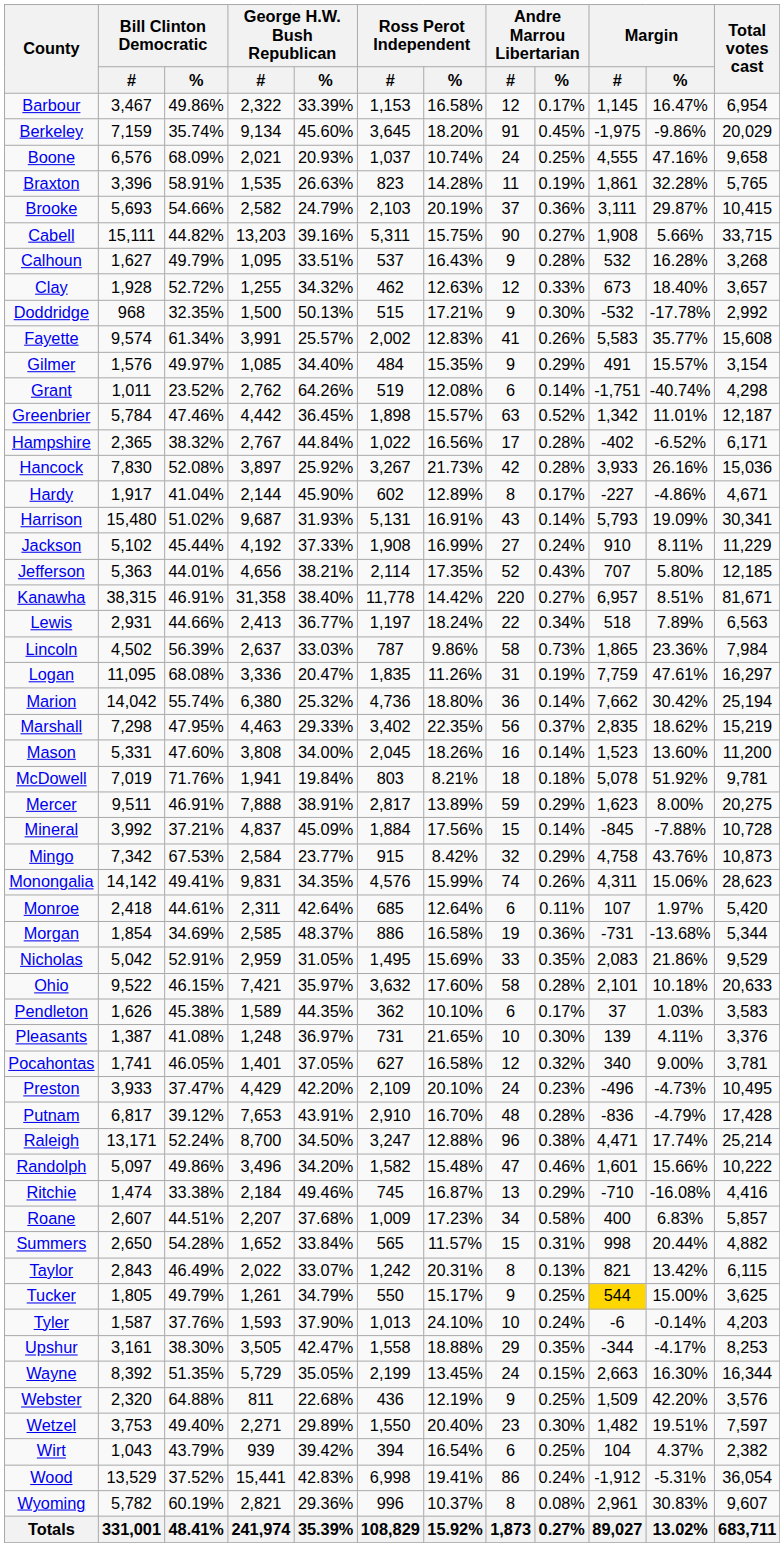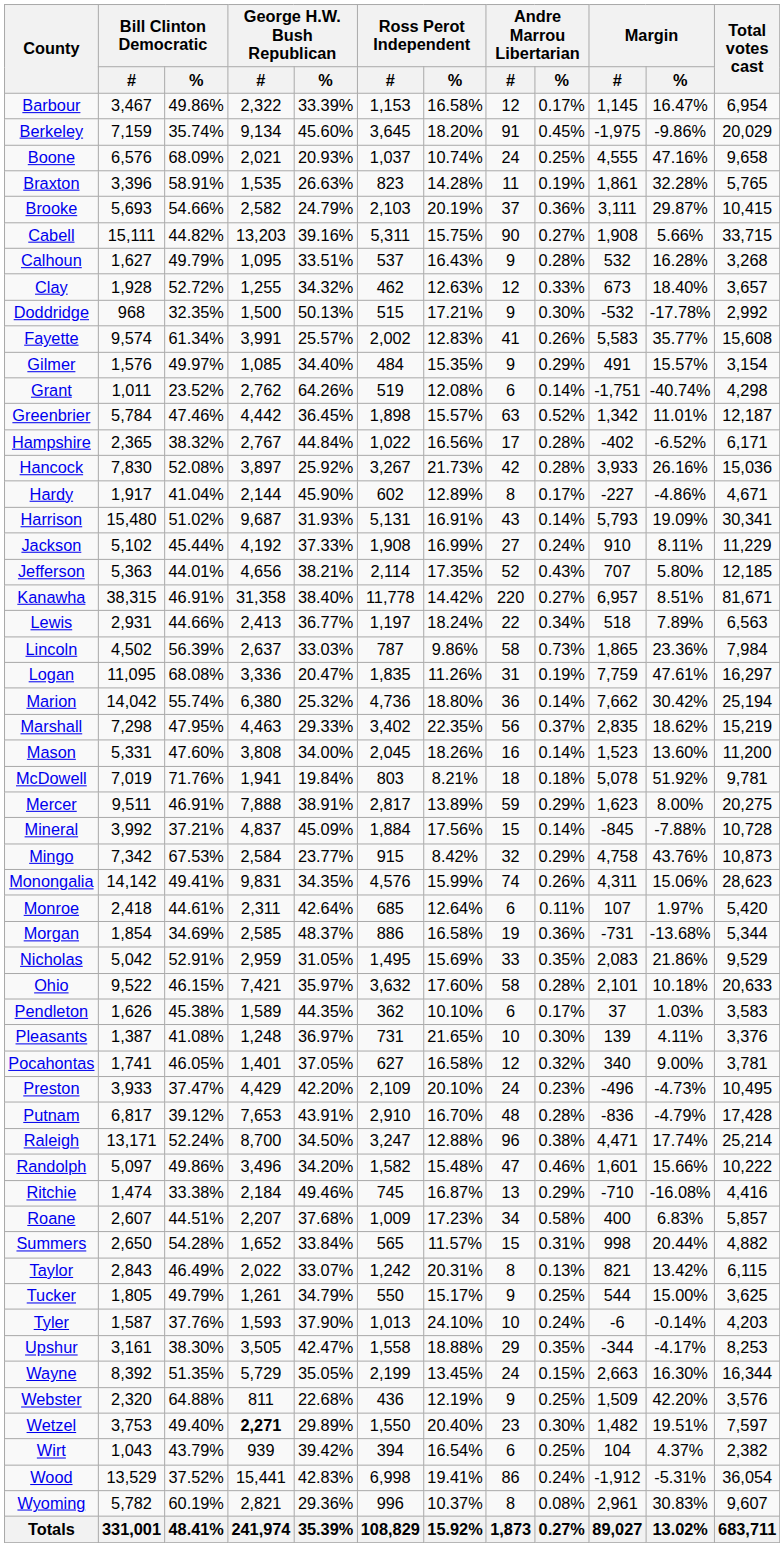 <table width="60%"  class="wikitable sortable" style="text-align:center">
 <tr>
 <th style="text-align:center;" rowspan="2">County</th>
 <th style="text-align:center;" colspan="2">Bill Clinton<br>Democratic</th>
 <th style="text-align:center;" colspan="2">George H.W. Bush<br>Republican</th>
 <th style="text-align:center;" colspan="2">Ross Perot<br>Independent</th>
 <th style="text-align:center;" colspan="2">Andre Marrou<br>Libertarian</th>
 <th style="text-align:center;" colspan="2">Margin</th>
 <th style="text-align:center;" rowspan="2">Total votes cast</th>
 </tr>
 <tr style="text-align:center">
 <th data-sort-type="number">#</th>
 <th data-sort-type="number">%</th>
 <th data-sort-type="number">#</th>
 <th data-sort-type="number">%</th>
 <th data-sort-type="number">#</th>
 <th data-sort-type="number">%</th>
 <th data-sort-type="number">#</th>
 <th data-sort-type="number">%</th>
 <th data-sort-type="number">#</th>
 <th data-sort-type="number">%</th>
 </tr>
 <tr style="text-align:center">
 <td><a href='#'>Barbour</a></td>
 <td>3,467</td>
 <td>49.86%</td>
 <td>2,322</td>
 <td>33.39%</td>
 <td>1,153</td>
 <td>16.58%</td>
 <td>12</td>
 <td>0.17%</td>
 <td>1,145</td>
 <td>16.47%</td>
 <td>6,954</td>
 </tr>
 <tr style="text-align:center">
 <td><a href='#'>Berkeley</a></td>
 <td>7,159</td>
 <td>35.74%</td>
 <td>9,134</td>
 <td>45.60%</td>
 <td>3,645</td>
 <td>18.20%</td>
 <td>91</td>
 <td>0.45%</td>
 <td>-1,975</td>
 <td>-9.86%</td>
 <td>20,029</td>
 </tr>
 <tr style="text-align:center">
 <td><a href='#'>Boone</a></td>
 <td>6,576</td>
 <td>68.09%</td>
 <td>2,021</td>
 <td>20.93%</td>
 <td>1,037</td>
 <td>10.74%</td>
 <td>24</td>
 <td>0.25%</td>
 <td>4,555</td>
 <td>47.16%</td>
 <td>9,658</td>
 </tr>
 <tr style="text-align:center">
 <td><a href='#'>Braxton</a></td>
 <td>3,396</td>
 <td>58.91%</td>
 <td>1,535</td>
 <td>26.63%</td>
 <td>823</td>
 <td>14.28%</td>
 <td>11</td>
 <td>0.19%</td>
 <td>1,861</td>
 <td>32.28%</td>
 <td>5,765</td>
 </tr>
 <tr style="text-align:center">
 <td><a href='#'>Brooke</a></td>
 <td>5,693</td>
 <td>54.66%</td>
 <td>2,582</td>
 <td>24.79%</td>
 <td>2,103</td>
 <td>20.19%</td>
 <td>37</td>
 <td>0.36%</td>
 <td>3,111</td>
 <td>29.87%</td>
 <td>10,415</td>
 </tr>
 <tr style="text-align:center">
 <td><a href='#'>Cabell</a></td>
 <td>15,111</td>
 <td>44.82%</td>
 <td>13,203</td>
 <td>39.16%</td>
 <td>5,311</td>
 <td>15.75%</td>
 <td>90</td>
 <td>0.27%</td>
 <td>1,908</td>
 <td>5.66%</td>
 <td>33,715</td>
 </tr>
 <tr style="text-align:center">
 <td><a href='#'>Calhoun</a></td>
 <td>1,627</td>
 <td>49.79%</td>
 <td>1,095</td>
 <td>33.51%</td>
 <td>537</td>
 <td>16.43%</td>
 <td>9</td>
 <td>0.28%</td>
 <td>532</td>
 <td>16.28%</td>
 <td>3,268</td>
 </tr>
 <tr style="text-align:center">
 <td><a href='#'>Clay</a></td>
 <td>1,928</td>
 <td>52.72%</td>
 <td>1,255</td>
 <td>34.32%</td>
 <td>462</td>
 <td>12.63%</td>
 <td>12</td>
 <td>0.33%</td>
 <td>673</td>
 <td>18.40%</td>
 <td>3,657</td>
 </tr>
 <tr style="text-align:center">
 <td><a href='#'>Doddridge</a></td>
 <td>968</td>
 <td>32.35%</td>
 <td>1,500</td>
 <td>50.13%</td>
 <td>515</td>
 <td>17.21%</td>
 <td>9</td>
 <td>0.30%</td>
 <td>-532</td>
 <td>-17.78%</td>
 <td>2,992</td>
 </tr>
 <tr style="text-align:center">
 <td><a href='#'>Fayette</a></td>
 <td>9,574</td>
 <td>61.34%</td>
 <td>3,991</td>
 <td>25.57%</td>
 <td>2,002</td>
 <td>12.83%</td>
 <td>41</td>
 <td>0.26%</td>
 <td>5,583</td>
 <td>35.77%</td>
 <td>15,608</td>
 </tr>
 <tr style="text-align:center">
 <td><a href='#'>Gilmer</a></td>
 <td>1,576</td>
 <td>49.97%</td>
 <td>1,085</td>
 <td>34.40%</td>
 <td>484</td>
 <td>15.35%</td>
 <td>9</td>
 <td>0.29%</td>
 <td>491</td>
 <td>15.57%</td>
 <td>3,154</td>
 </tr>
 <tr style="text-align:center">
 <td><a href='#'>Grant</a></td>
 <td>1,011</td>
 <td>23.52%</td>
 <td>2,762</td>
 <td>64.26%</td>
 <td>519</td>
 <td>12.08%</td>
 <td>6</td>
 <td>0.14%</td>
 <td>-1,751</td>
 <td>-40.74%</td>
 <td>4,298</td>
 </tr>
 <tr style="text-align:center">
 <td><a href='#'>Greenbrier</a></td>
 <td>5,784</td>
 <td>47.46%</td>
 <td>4,442</td>
 <td>36.45%</td>
 <td>1,898</td>
 <td>15.57%</td>
 <td>63</td>
 <td>0.52%</td>
 <td>1,342</td>
 <td>11.01%</td>
 <td>12,187</td>
 </tr>
 <tr style="text-align:center">
 <td><a href='#'>Hampshire</a></td>
 <td>2,365</td>
 <td>38.32%</td>
 <td>2,767</td>
 <td>44.84%</td>
 <td>1,022</td>
 <td>16.56%</td>
 <td>17</td>
 <td>0.28%</td>
 <td>-402</td>
 <td>-6.52%</td>
 <td>6,171</td>
 </tr>
 <tr style="text-align:center">
 <td><a href='#'>Hancock</a></td>
 <td>7,830</td>
 <td>52.08%</td>
 <td>3,897</td>
 <td>25.92%</td>
 <td>3,267</td>
 <td>21.73%</td>
 <td>42</td>
 <td>0.28%</td>
 <td>3,933</td>
 <td>26.16%</td>
 <td>15,036</td>
 </tr>
 <tr style="text-align:center">
 <td><a href='#'>Hardy</a></td>
 <td>1,917</td>
 <td>41.04%</td>
 <td>2,144</td>
 <td>45.90%</td>
 <td>602</td>
 <td>12.89%</td>
 <td>8</td>
 <td>0.17%</td>
 <td>-227</td>
 <td>-4.86%</td>
 <td>4,671</td>
 </tr>
 <tr style="text-align:center">
 <td><a href='#'>Harrison</a></td>
 <td>15,480</td>
 <td>51.02%</td>
 <td>9,687</td>
 <td>31.93%</td>
 <td>5,131</td>
 <td>16.91%</td>
 <td>43</td>
 <td>0.14%</td>
 <td>5,793</td>
 <td>19.09%</td>
 <td>30,341</td>
 </tr>
 <tr style="text-align:center">
 <td><a href='#'>Jackson</a></td>
 <td>5,102</td>
 <td>45.44%</td>
 <td>4,192</td>
 <td>37.33%</td>
 <td>1,908</td>
 <td>16.99%</td>
 <td>27</td>
 <td>0.24%</td>
 <td>910</td>
 <td>8.11%</td>
 <td>11,229</td>
 </tr>
 <tr style="text-align:center">
 <td><a href='#'>Jefferson</a></td>
 <td>5,363</td>
 <td>44.01%</td>
 <td>4,656</td>
 <td>38.21%</td>
 <td>2,114</td>
 <td>17.35%</td>
 <td>52</td>
 <td>0.43%</td>
 <td>707</td>
 <td>5.80%</td>
 <td>12,185</td>
 </tr>
 <tr style="text-align:center">
 <td><a href='#'>Kanawha</a></td>
 <td>38,315</td>
 <td>46.91%</td>
 <td>31,358</td>
 <td>38.40%</td>
 <td>11,778</td>
 <td>14.42%</td>
 <td>220</td>
 <td>0.27%</td>
 <td>6,957</td>
 <td>8.51%</td>
 <td>81,671</td>
 </tr>
 <tr style="text-align:center">
 <td><a href='#'>Lewis</a></td>
 <td>2,931</td>
 <td>44.66%</td>
 <td>2,413</td>
 <td>36.77%</td>
 <td>1,197</td>
 <td>18.24%</td>
 <td>22</td>
 <td>0.34%</td>
 <td>518</td>
 <td>7.89%</td>
 <td>6,563</td>
 </tr>
 <tr style="text-align:center">
 <td><a href='#'>Lincoln</a></td>
 <td>4,502</td>
 <td>56.39%</td>
 <td>2,637</td>
 <td>33.03%</td>
 <td>787</td>
 <td>9.86%</td>
 <td>58</td>
 <td>0.73%</td>
 <td>1,865</td>
 <td>23.36%</td>
 <td>7,984</td>
 </tr>
 <tr style="text-align:center">
 <td><a href='#'>Logan</a></td>
 <td>11,095</td>
 <td>68.08%</td>
 <td>3,336</td>
 <td>20.47%</td>
 <td>1,835</td>
 <td>11.26%</td>
 <td>31</td>
 <td>0.19%</td>
 <td>7,759</td>
 <td>47.61%</td>
 <td>16,297</td>
 </tr>
 <tr style="text-align:center">
 <td><a href='#'>Marion</a></td>
 <td>14,042</td>
 <td>55.74%</td>
 <td>6,380</td>
 <td>25.32%</td>
 <td>4,736</td>
 <td>18.80%</td>
 <td>36</td>
 <td>0.14%</td>
 <td>7,662</td>
 <td>30.42%</td>
 <td>25,194</td>
 </tr>
 <tr style="text-align:center">
 <td><a href='#'>Marshall</a></td>
 <td>7,298</td>
 <td>47.95%</td>
 <td>4,463</td>
 <td>29.33%</td>
 <td>3,402</td>
 <td>22.35%</td>
 <td>56</td>
 <td>0.37%</td>
 <td>2,835</td>
 <td>18.62%</td>
 <td>15,219</td>
 </tr>
 <tr style="text-align:center">
 <td><a href='#'>Mason</a></td>
 <td>5,331</td>
 <td>47.60%</td>
 <td>3,808</td>
 <td>34.00%</td>
 <td>2,045</td>
 <td>18.26%</td>
 <td>16</td>
 <td>0.14%</td>
 <td>1,523</td>
 <td>13.60%</td>
 <td>11,200</td>
 </tr>
 <tr style="text-align:center">
 <td><a href='#'>McDowell</a></td>
 <td>7,019</td>
 <td>71.76%</td>
 <td>1,941</td>
 <td>19.84%</td>
 <td>803</td>
 <td>8.21%</td>
 <td>18</td>
 <td>0.18%</td>
 <td>5,078</td>
 <td>51.92%</td>
 <td>9,781</td>
 </tr>
 <tr style="text-align:center">
 <td><a href='#'>Mercer</a></td>
 <td>9,511</td>
 <td>46.91%</td>
 <td>7,888</td>
 <td>38.91%</td>
 <td>2,817</td>
 <td>13.89%</td>
 <td>59</td>
 <td>0.29%</td>
 <td>1,623</td>
 <td>8.00%</td>
 <td>20,275</td>
 </tr>
 <tr style="text-align:center">
 <td><a href='#'>Mineral</a></td>
 <td>3,992</td>
 <td>37.21%</td>
 <td>4,837</td>
 <td>45.09%</td>
 <td>1,884</td>
 <td>17.56%</td>
 <td>15</td>
 <td>0.14%</td>
 <td>-845</td>
 <td>-7.88%</td>
 <td>10,728</td>
 </tr>
 <tr style="text-align:center">
 <td><a href='#'>Mingo</a></td>
 <td>7,342</td>
 <td>67.53%</td>
 <td>2,584</td>
 <td>23.77%</td>
 <td>915</td>
 <td>8.42%</td>
 <td>32</td>
 <td>0.29%</td>
 <td>4,758</td>
 <td>43.76%</td>
 <td>10,873</td>
 </tr>
 <tr style="text-align:center">
 <td><a href='#'>Monongalia</a></td>
 <td>14,142</td>
 <td>49.41%</td>
 <td>9,831</td>
 <td>34.35%</td>
 <td>4,576</td>
 <td>15.99%</td>
 <td>74</td>
 <td>0.26%</td>
 <td>4,311</td>
 <td>15.06%</td>
 <td>28,623</td>
 </tr>
 <tr style="text-align:center">
 <td><a href='#'>Monroe</a></td>
 <td>2,418</td>
 <td>44.61%</td>
 <td>2,311</td>
 <td>42.64%</td>
 <td>685</td>
 <td>12.64%</td>
 <td>6</td>
 <td>0.11%</td>
 <td>107</td>
 <td>1.97%</td>
 <td>5,420</td>
 </tr>
 <tr style="text-align:center">
 <td><a href='#'>Morgan</a></td>
 <td>1,854</td>
 <td>34.69%</td>
 <td>2,585</td>
 <td>48.37%</td>
 <td>886</td>
 <td>16.58%</td>
 <td>19</td>
 <td>0.36%</td>
 <td>-731</td>
 <td>-13.68%</td>
 <td>5,344</td>
 </tr>
 <tr style="text-align:center">
 <td><a href='#'>Nicholas</a></td>
 <td>5,042</td>
 <td>52.91%</td>
 <td>2,959</td>
 <td>31.05%</td>
 <td>1,495</td>
 <td>15.69%</td>
 <td>33</td>
 <td>0.35%</td>
 <td>2,083</td>
 <td>21.86%</td>
 <td>9,529</td>
 </tr>
 <tr style="text-align:center">
 <td><a href='#'>Ohio</a></td>
 <td>9,522</td>
 <td>46.15%</td>
 <td>7,421</td>
 <td>35.97%</td>
 <td>3,632</td>
 <td>17.60%</td>
 <td>58</td>
 <td>0.28%</td>
 <td>2,101</td>
 <td>10.18%</td>
 <td>20,633</td>
 </tr>
 <tr style="text-align:center">
 <td><a href='#'>Pendleton</a></td>
 <td>1,626</td>
 <td>45.38%</td>
 <td>1,589</td>
 <td>44.35%</td>
 <td>362</td>
 <td>10.10%</td>
 <td>6</td>
 <td>0.17%</td>
 <td>37</td>
 <td>1.03%</td>
 <td>3,583</td>
 </tr>
 <tr style="text-align:center">
 <td><a href='#'>Pleasants</a></td>
 <td>1,387</td>
 <td>41.08%</td>
 <td>1,248</td>
 <td>36.97%</td>
 <td>731</td>
 <td>21.65%</td>
 <td>10</td>
 <td>0.30%</td>
 <td>139</td>
 <td>4.11%</td>
 <td>3,376</td>
 </tr>
 <tr style="text-align:center">
 <td><a href='#'>Pocahontas</a></td>
 <td>1,741</td>
 <td>46.05%</td>
 <td>1,401</td>
 <td>37.05%</td>
 <td>627</td>
 <td>16.58%</td>
 <td>12</td>
 <td>0.32%</td>
 <td>340</td>
 <td>9.00%</td>
 <td>3,781</td>
 </tr>
 <tr style="text-align:center">
 <td><a href='#'>Preston</a></td>
 <td>3,933</td>
 <td>37.47%</td>
 <td>4,429</td>
 <td>42.20%</td>
 <td>2,109</td>
 <td>20.10%</td>
 <td>24</td>
 <td>0.23%</td>
 <td>-496</td>
 <td>-4.73%</td>
 <td>10,495</td>
 </tr>
 <tr style="text-align:center">
 <td><a href='#'>Putnam</a></td>
 <td>6,817</td>
 <td>39.12%</td>
 <td>7,653</td>
 <td>43.91%</td>
 <td>2,910</td>
 <td>16.70%</td>
 <td>48</td>
 <td>0.28%</td>
 <td>-836</td>
 <td>-4.79%</td>
 <td>17,428</td>
 </tr>
 <tr style="text-align:center">
 <td><a href='#'>Raleigh</a></td>
 <td>13,171</td>
 <td>52.24%</td>
 <td>8,700</td>
 <td>34.50%</td>
 <td>3,247</td>
 <td>12.88%</td>
 <td>96</td>
 <td>0.38%</td>
 <td>4,471</td>
 <td>17.74%</td>
 <td>25,214</td>
 </tr>
 <tr style="text-align:center">
 <td><a href='#'>Randolph</a></td>
 <td>5,097</td>
 <td>49.86%</td>
 <td>3,496</td>
 <td>34.20%</td>
 <td>1,582</td>
 <td>15.48%</td>
 <td>47</td>
 <td>0.46%</td>
 <td>1,601</td>
 <td>15.66%</td>
 <td>10,222</td>
 </tr>
 <tr style="text-align:center">
 <td><a href='#'>Ritchie</a></td>
 <td>1,474</td>
 <td>33.38%</td>
 <td>2,184</td>
 <td>49.46%</td>
 <td>745</td>
 <td>16.87%</td>
 <td>13</td>
 <td>0.29%</td>
 <td>-710</td>
 <td>-16.08%</td>
 <td>4,416</td>
 </tr>
 <tr style="text-align:center">
 <td><a href='#'>Roane</a></td>
 <td>2,607</td>
 <td>44.51%</td>
 <td>2,207</td>
 <td>37.68%</td>
 <td>1,009</td>
 <td>17.23%</td>
 <td>34</td>
 <td>0.58%</td>
 <td>400</td>
 <td>6.83%</td>
 <td>5,857</td>
 </tr>
 <tr style="text-align:center">
 <td><a href='#'>Summers</a></td>
 <td>2,650</td>
 <td>54.28%</td>
 <td>1,652</td>
 <td>33.84%</td>
 <td>565</td>
 <td>11.57%</td>
 <td>15</td>
 <td>0.31%</td>
 <td>998</td>
 <td>20.44%</td>
 <td>4,882</td>
 </tr>
 <tr style="text-align:center">
 <td><a href='#'>Taylor</a></td>
 <td>2,843</td>
 <td>46.49%</td>
 <td>2,022</td>
 <td>33.07%</td>
 <td>1,242</td>
 <td>20.31%</td>
 <td>8</td>
 <td>0.13%</td>
 <td>821</td>
 <td>13.42%</td>
 <td>6,115</td>
 </tr>
 <tr style="text-align:center">
 <td><a href='#'>Tucker</a></td>
 <td>1,805</td>
 <td>49.79%</td>
 <td>1,261</td>
 <td>34.79%</td>
 <td>550</td>
 <td>15.17%</td>
 <td>9</td>
 <td>0.25%</td>
-<td style="background: gold;">544</td>
+<td>544</td>
 <td>15.00%</td>
 <td>3,625</td>
 </tr>
 <tr style="text-align:center">
 <td><a href='#'>Tyler</a></td>
 <td>1,587</td>
 <td>37.76%</td>
 <td>1,593</td>
 <td>37.90%</td>
 <td>1,013</td>
 <td>24.10%</td>
 <td>10</td>
 <td>0.24%</td>
 <td>-6</td>
 <td>-0.14%</td>
 <td>4,203</td>
 </tr>
 <tr style="text-align:center">
 <td><a href='#'>Upshur</a></td>
 <td>3,161</td>
 <td>38.30%</td>
 <td>3,505</td>
 <td>42.47%</td>
 <td>1,558</td>
 <td>18.88%</td>
 <td>29</td>
 <td>0.35%</td>
 <td>-344</td>
 <td>-4.17%</td>
 <td>8,253</td>
 </tr>
 <tr style="text-align:center">
 <td><a href='#'>Wayne</a></td>
 <td>8,392</td>
 <td>51.35%</td>
 <td>5,729</td>
 <td>35.05%</td>
 <td>2,199</td>
 <td>13.45%</td>
 <td>24</td>
 <td>0.15%</td>
 <td>2,663</td>
 <td>16.30%</td>
 <td>16,344</td>
 </tr>
 <tr style="text-align:center">
 <td><a href='#'>Webster</a></td>
 <td>2,320</td>
 <td>64.88%</td>
 <td>811</td>
 <td>22.68%</td>
 <td>436</td>
 <td>12.19%</td>
 <td>9</td>
 <td>0.25%</td>
 <td>1,509</td>
 <td>42.20%</td>
 <td>3,576</td>
 </tr>
 <tr style="text-align:center">
 <td><a href='#'>Wetzel</a></td>
 <td>3,753</td>
 <td>49.40%</td>
-<td>2,271</td>
+<td><strong>2,271</strong></td>
 <td>29.89%</td>
 <td>1,550</td>
 <td>20.40%</td>
 <td>23</td>
 <td>0.30%</td>
 <td>1,482</td>
 <td>19.51%</td>
 <td>7,597</td>
 </tr>
 <tr style="text-align:center">
 <td><a href='#'>Wirt</a></td>
 <td>1,043</td>
 <td>43.79%</td>
 <td>939</td>
 <td>39.42%</td>
 <td>394</td>
 <td>16.54%</td>
 <td>6</td>
 <td>0.25%</td>
 <td>104</td>
 <td>4.37%</td>
 <td>2,382</td>
 </tr>
 <tr style="text-align:center">
 <td><a href='#'>Wood</a></td>
 <td>13,529</td>
 <td>37.52%</td>
 <td>15,441</td>
 <td>42.83%</td>
 <td>6,998</td>
 <td>19.41%</td>
 <td>86</td>
 <td>0.24%</td>
 <td>-1,912</td>
 <td>-5.31%</td>
 <td>36,054</td>
 </tr>
 <tr style="text-align:center">
 <td><a href='#'>Wyoming</a></td>
 <td>5,782</td>
 <td>60.19%</td>
 <td>2,821</td>
 <td>29.36%</td>
 <td>996</td>
 <td>10.37%</td>
 <td>8</td>
 <td>0.08%</td>
 <td>2,961</td>
 <td>30.83%</td>
 <td>9,607</td>
 </tr>
 <tr style="text-align:center">
 <th>Totals</th>
 <th>331,001</th>
 <th>48.41%</th>
 <th>241,974</th>
 <th>35.39%</th>
 <th>108,829</th>
 <th>15.92%</th>
 <th>1,873</th>
 <th>0.27%</th>
 <th>89,027</th>
 <th>13.02%</th>
 <th>683,711</th>
 </tr>
 </table>
